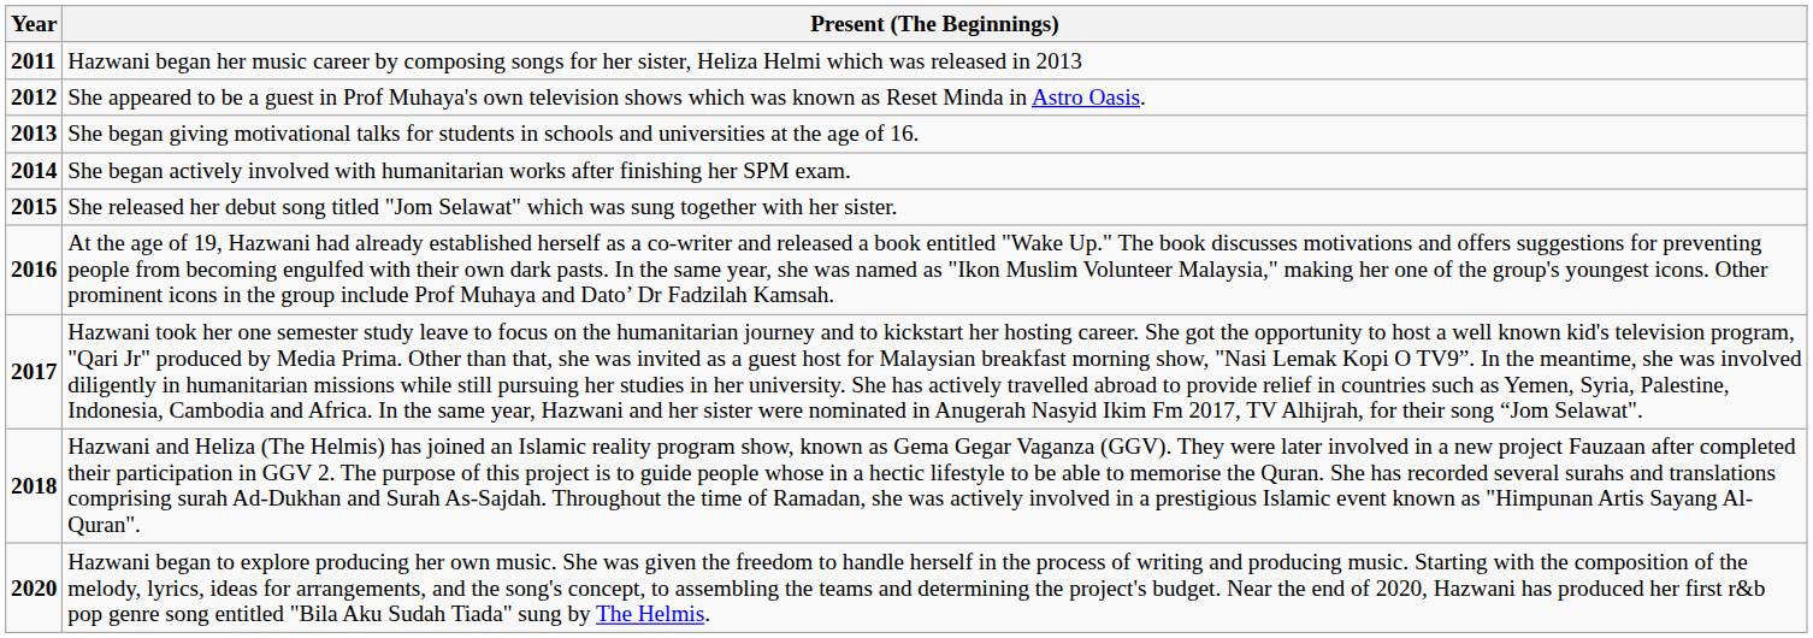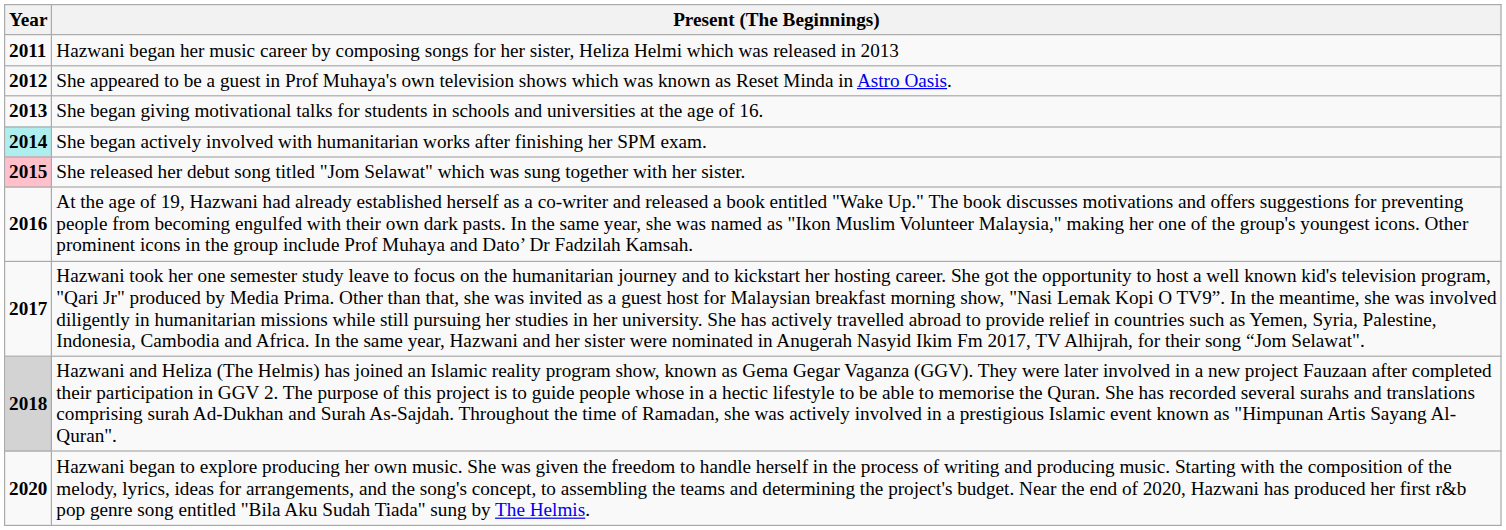 <table class="wikitable">
 <tr>
 <th>Year</th>
 <th>Present (The Beginnings)</th>
 </tr>
 <tr>
 <td><strong>2011</strong></td>
 <td>Hazwani began her music career by composing songs for her sister, Heliza Helmi which was released in 2013</td>
 </tr>
 <tr>
 <td><strong>2012</strong></td>
 <td>She appeared to be a guest in Prof Muhaya's own television shows which was known as Reset Minda in <a href='#'>Astro Oasis</a>.</td>
 </tr>
 <tr>
 <td><strong>2013</strong></td>
 <td>She began giving motivational talks for students in schools and universities at the age of 16.</td>
 </tr>
 <tr>
-<td><strong>2014</strong></td>
+<td style="background: paleturquoise;"><strong>2014</strong></td>
 <td>She began actively involved with humanitarian works after finishing her SPM exam.</td>
 </tr>
 <tr>
-<td><strong>2015</strong></td>
+<td style="background: pink;"><strong>2015</strong></td>
 <td>She released her debut song titled "Jom Selawat" which was sung together with her sister.</td>
 </tr>
 <tr>
 <td><strong>2016</strong></td>
 <td>At the age of 19, Hazwani had already established herself as a co-writer and released a book entitled "Wake Up." The book discusses motivations and offers suggestions for preventing people from becoming engulfed with their own dark pasts. In the same year, she was named as "Ikon Muslim Volunteer Malaysia," making her one of the group's youngest icons.  Other prominent icons in the group include Prof Muhaya and Dato’ Dr Fadzilah Kamsah.</td>
 </tr>
 <tr>
 <td><strong>2017</strong></td>
 <td>Hazwani took her one semester study leave to focus on the humanitarian journey and to kickstart her hosting career. She got the opportunity to host a well known kid's television program, "Qari Jr"  produced by Media Prima. Other than that, she was invited as a guest host for Malaysian breakfast morning show, "Nasi Lemak Kopi O TV9”.  In the meantime, she was involved diligently in humanitarian missions while still pursuing her studies in her university. She has actively travelled abroad to provide relief in countries such as Yemen, Syria, Palestine, Indonesia, Cambodia and Africa. In the same year, Hazwani and her sister were nominated in Anugerah Nasyid Ikim Fm 2017, TV Alhijrah, for their song “Jom Selawat".</td>
 </tr>
 <tr>
-<td><strong>2018</strong></td>
+<td style="background: lightgrey;"><strong>2018</strong></td>
 <td>Hazwani and Heliza (The Helmis) has joined an Islamic reality program show, known as Gema Gegar Vaganza (GGV). They were later involved in a new project Fauzaan after completed their participation in GGV 2. The purpose of this project is to guide people whose in a hectic lifestyle to be able to memorise the Quran. She has recorded several surahs and translations comprising surah Ad-Dukhan and Surah As-Sajdah. Throughout the time of Ramadan, she was actively involved in a prestigious Islamic event known as "Himpunan Artis Sayang Al-Quran".</td>
 </tr>
 <tr>
 <td><strong>2020</strong></td>
 <td>Hazwani began to explore producing her own music. She was given the freedom to handle herself in the process of writing and producing music. Starting with the composition of the melody, lyrics, ideas for arrangements, and the song's concept, to assembling the teams and determining the project's budget. Near the end of 2020, Hazwani has produced her first r&b pop genre song entitled "Bila Aku Sudah Tiada" sung by <a href='#'>The Helmis</a>.</td>
 </tr>
 </table>
